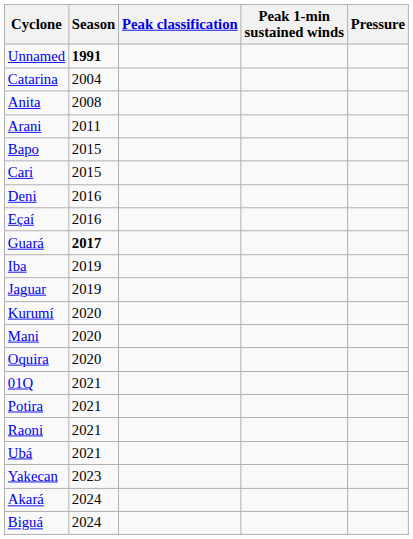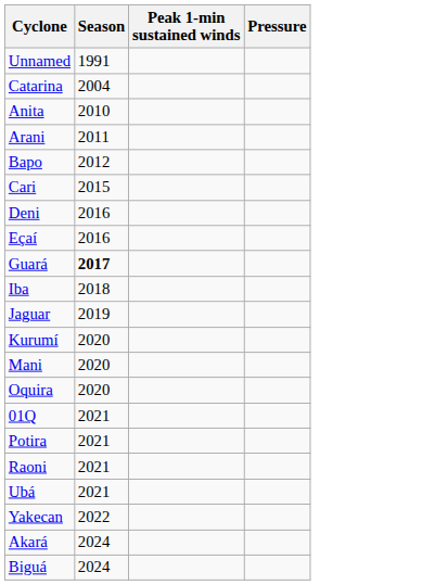 <table class="wikitable sortable">
 <tr>
 <th>Cyclone</th>
 <th>Season</th>
-<th><a href='#'>Peak classification</a></th>
 <th>Peak 1-min<br>sustained winds</th>
 <th>Pressure</th>
 </tr>
 <tr>
 <td><a href='#'>Unnamed</a></td>
-<td><strong>1991</strong></td>
-<td></td>
+<td>1991</td>
 <td></td>
 <td></td>
 </tr>
 <tr>
 <td><a href='#'>Catarina</a></td>
 <td>2004</td>
 <td></td>
 <td></td>
-<td></td>
 </tr>
 <tr>
 <td><a href='#'>Anita</a></td>
-<td>2008</td>
-<td></td>
+<td>2010</td>
 <td></td>
 <td></td>
 </tr>
 <tr>
 <td><a href='#'>Arani</a></td>
 <td>2011</td>
 <td></td>
 <td></td>
-<td></td>
 </tr>
 <tr>
 <td><a href='#'>Bapo</a></td>
-<td>2015</td>
-<td></td>
+<td>2012</td>
 <td></td>
 <td></td>
 </tr>
 <tr>
 <td><a href='#'>Cari</a></td>
 <td>2015</td>
 <td></td>
 <td></td>
-<td></td>
 </tr>
 <tr>
 <td><a href='#'>Deni</a></td>
 <td>2016</td>
-<td></td>
 <td></td>
 <td></td>
 </tr>
 <tr>
 <td><a href='#'>Eçaí</a></td>
 <td>2016</td>
 <td></td>
 <td></td>
-<td></td>
 </tr>
 <tr>
 <td><a href='#'>Guará</a></td>
 <td><strong>2017</strong></td>
 <td></td>
 <td></td>
-<td></td>
 </tr>
 <tr>
 <td><a href='#'>Iba</a></td>
-<td>2019</td>
-<td></td>
+<td>2018</td>
 <td></td>
 <td></td>
 </tr>
 <tr>
 <td><a href='#'>Jaguar</a></td>
 <td>2019</td>
 <td></td>
 <td></td>
-<td></td>
 </tr>
 <tr>
 <td><a href='#'>Kurumí</a></td>
 <td>2020</td>
-<td></td>
 <td></td>
 <td></td>
 </tr>
 <tr>
 <td><a href='#'>Mani</a></td>
 <td>2020</td>
 <td></td>
 <td></td>
-<td></td>
 </tr>
 <tr>
 <td><a href='#'>Oquira</a></td>
 <td>2020</td>
-<td></td>
 <td></td>
 <td></td>
 </tr>
 <tr>
 <td><a href='#'>01Q</a></td>
 <td>2021</td>
 <td></td>
 <td></td>
-<td></td>
 </tr>
 <tr>
 <td><a href='#'>Potira</a></td>
 <td>2021</td>
-<td></td>
 <td></td>
 <td></td>
 </tr>
 <tr>
 <td><a href='#'>Raoni</a></td>
 <td>2021</td>
 <td></td>
 <td></td>
-<td></td>
 </tr>
 <tr>
 <td><a href='#'>Ubá</a></td>
 <td>2021</td>
 <td></td>
 <td></td>
-<td></td>
 </tr>
 <tr>
 <td><a href='#'>Yakecan</a></td>
-<td>2023</td>
-<td></td>
+<td>2022</td>
 <td></td>
 <td></td>
 </tr>
 <tr>
 <td><a href='#'>Akará</a></td>
 <td>2024</td>
 <td></td>
 <td></td>
-<td></td>
 </tr>
 <tr>
 <td><a href='#'>Biguá</a></td>
 <td>2024</td>
 <td></td>
 <td></td>
-<td></td>
 </tr>
 </table>
